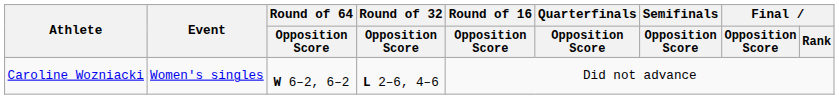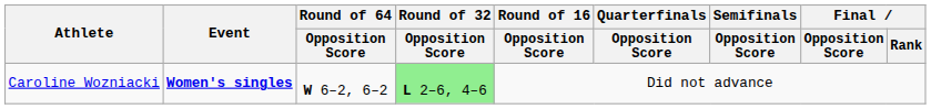 <table class=wikitable style="font-size:90%">
 <tr>
 <th rowspan="2">Athlete</th>
 <th rowspan="2">Event</th>
 <th>Round of 64</th>
 <th>Round of 32</th>
 <th>Round of 16</th>
 <th>Quarterfinals</th>
 <th>Semifinals</th>
 <th colspan=2>Final / </th>
 </tr>
 <tr style="font-size:95%">
 <th>Opposition<br>Score</th>
 <th>Opposition<br>Score</th>
 <th>Opposition<br>Score</th>
 <th>Opposition<br>Score</th>
 <th>Opposition<br>Score</th>
 <th>Opposition<br>Score</th>
 <th>Rank</th>
 </tr>
 <tr align=center>
 <td align=left><a href='#'>Caroline Wozniacki</a></td>
-<td align=left><a href='#'>Women's singles</a></td>
+<td align=left><strong><a href='#'>Women's singles</a></strong></td>
 <td><br><strong>W</strong> 6–2, 6–2</td>
-<td><br><strong>L</strong> 2–6, 4–6</td>
+<td style="background: lightgreen;"><br><strong>L</strong> 2–6, 4–6</td>
 <td colspan=5>Did not advance</td>
 </tr>
 </table>
